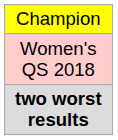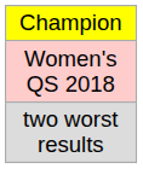 <table class="wikitable" width="15%" style="text-align: center;">
 <tr>
 <td bgcolor="yellow">Champion</td>
 </tr>
 <tr>
 <td bgcolor="FFCCCC">Women's QS 2018</td>
 </tr>
 <tr>
-<td bgcolor="#dcdcdc"><strong>two worst results</strong></td>
+<td bgcolor="#dcdcdc">two worst results</td>
 </tr>
 </table>
